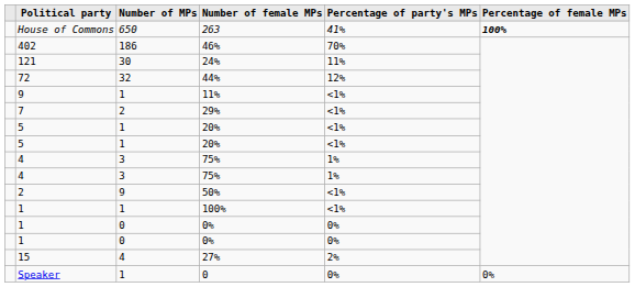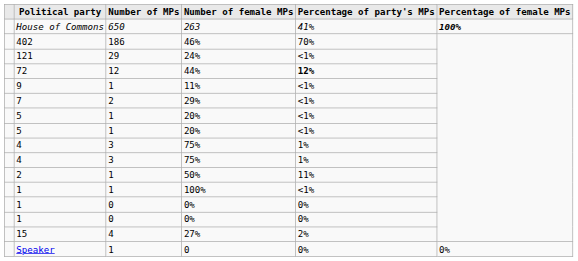 <table class="wikitable sortable">
 <tr>
 <th style="background-color:#E9E9E9" class="unsortable"></th>
 <th style="background-color:#E9E9E9" align="center">Political party<br></th>
 <th style="background-color:#E9E9E9" align="center">Number of MPs</th>
 <th style="background-color:#E9E9E9" align="center">Number of female MPs</th>
 <th style="background-color:#E9E9E9" align="center">Percentage of party's MPs</th>
 <th style="background-color:#E9E9E9" align="center">Percentage of female MPs</th>
 </tr>
 <tr>
 <td></td>
 <td><em>House of Commons</em></td>
 <td><em>650</em></td>
 <td><em>263</em></td>
 <td><em>41%</em></td>
 <td><strong><em>100%</em></strong></td>
 </tr>
 <tr>
 <td></td>
 <td>402</td>
 <td>186</td>
 <td>46%</td>
 <td>70%</td>
 </tr>
 <tr>
 <td></td>
 <td>121</td>
-<td>30</td>
+<td>29</td>
 <td>24%</td>
-<td>11%</td>
+<td><1%</td>
 </tr>
 <tr>
 <td></td>
 <td>72</td>
-<td>32</td>
+<td>12</td>
 <td>44%</td>
-<td>12%</td>
+<td><strong>12%</strong></td>
 </tr>
 <tr>
 <td></td>
 <td>9</td>
 <td>1</td>
 <td>11%</td>
 <td><1%</td>
 </tr>
 <tr>
 <td></td>
 <td>7</td>
 <td>2</td>
 <td>29%</td>
 <td><1%</td>
 </tr>
 <tr>
 <td></td>
 <td>5</td>
 <td>1</td>
 <td>20%</td>
 <td><1%</td>
 </tr>
 <tr>
 <td></td>
 <td>5</td>
 <td>1</td>
 <td>20%</td>
 <td><1%</td>
 </tr>
 <tr>
 <td></td>
 <td>4</td>
 <td>3</td>
 <td>75%</td>
 <td>1%</td>
 </tr>
 <tr>
 <td></td>
 <td>4</td>
 <td>3</td>
 <td>75%</td>
 <td>1%</td>
 </tr>
 <tr>
 <td></td>
 <td>2</td>
-<td>9</td>
+<td>1</td>
 <td>50%</td>
-<td><1%</td>
+<td>11%</td>
 </tr>
 <tr>
 <td></td>
 <td>1</td>
 <td>1</td>
 <td>100%</td>
 <td><1%</td>
 </tr>
 <tr>
 <td></td>
 <td>1</td>
 <td>0</td>
 <td>0%</td>
 <td>0%</td>
 </tr>
 <tr>
 <td></td>
 <td>1</td>
 <td>0</td>
 <td>0%</td>
 <td>0%</td>
 </tr>
 <tr>
 <td></td>
 <td>15</td>
 <td>4</td>
 <td>27%</td>
 <td>2%</td>
 </tr>
 <tr>
 <td style="background-color:"> </td>
 <td><a href='#'>Speaker</a><br></td>
 <td>1</td>
 <td>0</td>
 <td>0%</td>
 <td>0%</td>
 </tr>
 </table>
